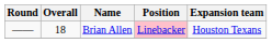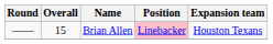 <table class="wikitable" style="text-align:center">
 <tr>
 <th>Round</th>
 <th>Overall</th>
 <th>Name</th>
 <th>Position</th>
 <th>Expansion team</th>
 </tr>
 <tr>
 <td>——</td>
-<td>18</td>
+<td>15</td>
 <td><a href='#'>Brian Allen</a></td>
 <td style="background: pink;"><a href='#'>Linebacker</a></td>
 <td><a href='#'>Houston Texans</a></td>
 </tr>
 <tr>
 </tr>
 </table>
